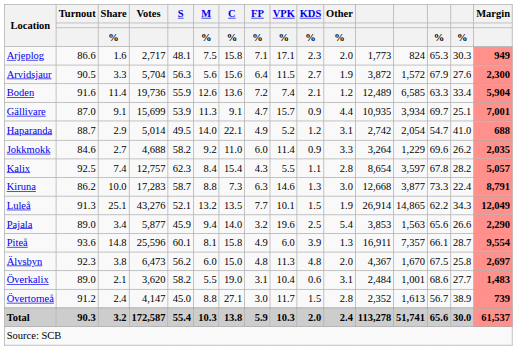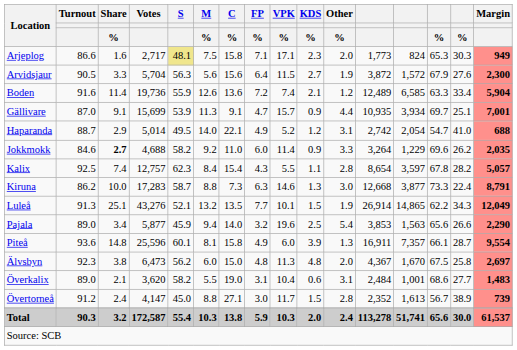 <table class="wikitable sortable" style="text-align:right; font-size:95%; line-height:20px;">
 <tr>
 <th rowspan="3">Location</th>
 <th>Turnout</th>
 <th>Share</th>
 <th>Votes</th>
 <th width="30px" class="unsortable"><a href='#'>S</a></th>
 <th width="30px" class="unsortable"><a href='#'>M</a></th>
 <th width="30px" class="unsortable"><a href='#'>C</a></th>
 <th width="30px" class="unsortable"><a href='#'>FP</a></th>
 <th width="30px" class="unsortable"><a href='#'>VPK</a></th>
 <th width="30px" class="unsortable"><a href='#'>KDS</a></th>
 <th width="30px" class="unsortable">Other</th>
 <th></th>
 <th></th>
 <th></th>
 <th></th>
 <th>Margin</th>
 </tr>
 <tr>
 <th></th>
 <th></th>
 <th></th>
 <th style="background:"></th>
 <th style="background:"></th>
 <th style="background:"></th>
 <th style="background:"></th>
 <th style="background:"></th>
 <th style="background:"></th>
 <th style="background:"></th>
 <th style="background:"></th>
 <th style="background:"></th>
 <th style="background:"></th>
 <th style="background:"></th>
 <th></th>
 </tr>
 <tr>
 <th></th>
 <th data-sort-type="number">%</th>
 <th data-sort-type="number"></th>
 <th></th>
 <th data-sort-type="number">%</th>
 <th data-sort-type="number">%</th>
 <th data-sort-type="number">%</th>
 <th data-sort-type="number">%</th>
 <th data-sort-type="number">%</th>
 <th data-sort-type="number">%</th>
 <th data-sort-type="number"></th>
 <th data-sort-type="number"></th>
 <th data-sort-type="number">%</th>
 <th data-sort-type="number">%</th>
 <th data-sort-type="number"></th>
 </tr>
 <tr>
 <td align=left><a href='#'>Arjeplog</a></td>
 <td>86.6</td>
 <td>1.6</td>
 <td>2,717</td>
-<td>48.1</td>
+<td style="background: khaki;">48.1</td>
 <td>7.5</td>
 <td>15.8</td>
 <td>7.1</td>
 <td>17.1</td>
 <td>2.3</td>
 <td>2.0</td>
 <td>1,773</td>
 <td>824</td>
 <td>65.3</td>
 <td>30.3</td>
 <td bgcolor=#ff908c><strong>949</strong></td>
 </tr>
 <tr>
 <td align=left><a href='#'>Arvidsjaur</a></td>
 <td>90.5</td>
 <td>3.3</td>
 <td>5,704</td>
 <td>56.3</td>
 <td>5.6</td>
 <td>15.6</td>
 <td>6.4</td>
 <td>11.5</td>
 <td>2.7</td>
 <td>1.9</td>
 <td>3,872</td>
 <td>1,572</td>
 <td>67.9</td>
 <td>27.6</td>
 <td bgcolor=#ff908c><strong>2,300</strong></td>
 </tr>
 <tr>
 <td align=left><a href='#'>Boden</a></td>
 <td>91.6</td>
 <td>11.4</td>
 <td>19,736</td>
 <td>55.9</td>
 <td>12.6</td>
 <td>13.6</td>
 <td>7.2</td>
 <td>7.4</td>
 <td>2.1</td>
 <td>1.2</td>
 <td>12,489</td>
 <td>6,585</td>
 <td>63.3</td>
 <td>33.4</td>
 <td bgcolor=#ff908c><strong>5,904</strong></td>
 </tr>
 <tr>
 <td align=left><a href='#'>Gällivare</a></td>
 <td>87.0</td>
 <td>9.1</td>
 <td>15,699</td>
 <td>53.9</td>
 <td>11.3</td>
 <td>9.1</td>
 <td>4.7</td>
 <td>15.7</td>
 <td>0.9</td>
 <td>4.4</td>
 <td>10,935</td>
 <td>3,934</td>
 <td>69.7</td>
 <td>25.1</td>
 <td bgcolor=#ff908c><strong>7,001</strong></td>
 </tr>
 <tr>
 <td align=left><a href='#'>Haparanda</a></td>
 <td>88.7</td>
 <td>2.9</td>
 <td>5,014</td>
 <td>49.5</td>
 <td>14.0</td>
 <td>22.1</td>
 <td>4.9</td>
 <td>5.2</td>
 <td>1.2</td>
 <td>3.1</td>
 <td>2,742</td>
 <td>2,054</td>
 <td>54.7</td>
 <td>41.0</td>
 <td bgcolor=#ff908c><strong>688</strong></td>
 </tr>
 <tr>
 <td align=left><a href='#'>Jokkmokk</a></td>
 <td>84.6</td>
-<td>2.7</td>
+<td><strong>2.7</strong></td>
 <td>4,688</td>
 <td>58.2</td>
 <td>9.2</td>
 <td>11.0</td>
 <td>6.0</td>
 <td>11.4</td>
 <td>0.9</td>
 <td>3.3</td>
 <td>3,264</td>
 <td>1,229</td>
 <td>69.6</td>
 <td>26.2</td>
 <td bgcolor=#ff908c><strong>2,035</strong></td>
 </tr>
 <tr>
 <td align=left><a href='#'>Kalix</a></td>
 <td>92.5</td>
 <td>7.4</td>
 <td>12,757</td>
 <td>62.3</td>
 <td>8.4</td>
 <td>15.4</td>
 <td>4.3</td>
 <td>5.5</td>
 <td>1.1</td>
 <td>2.8</td>
 <td>8,654</td>
 <td>3,597</td>
 <td>67.8</td>
 <td>28.2</td>
 <td bgcolor=#ff908c><strong>5,057</strong></td>
 </tr>
 <tr>
 <td align=left><a href='#'>Kiruna</a></td>
 <td>86.2</td>
 <td>10.0</td>
 <td>17,283</td>
 <td>58.7</td>
 <td>8.8</td>
 <td>7.3</td>
 <td>6.3</td>
 <td>14.6</td>
 <td>1.3</td>
 <td>3.0</td>
 <td>12,668</td>
 <td>3,877</td>
 <td>73.3</td>
 <td>22.4</td>
 <td bgcolor=#ff908c><strong>8,791</strong></td>
 </tr>
 <tr>
 <td align=left><a href='#'>Luleå</a></td>
 <td>91.3</td>
 <td>25.1</td>
 <td>43,276</td>
 <td>52.1</td>
 <td>13.2</td>
 <td>13.5</td>
 <td>7.7</td>
 <td>10.1</td>
 <td>1.5</td>
 <td>1.9</td>
 <td>26,914</td>
 <td>14,865</td>
 <td>62.2</td>
 <td>34.3</td>
 <td bgcolor=#ff908c><strong>12,049</strong></td>
 </tr>
 <tr>
 <td align=left><a href='#'>Pajala</a></td>
 <td>89.0</td>
 <td>3.4</td>
 <td>5,877</td>
 <td>45.9</td>
 <td>9.4</td>
 <td>14.0</td>
 <td>3.2</td>
 <td>19.6</td>
 <td>2.5</td>
 <td>5.4</td>
 <td>3,853</td>
 <td>1,563</td>
 <td>65.6</td>
 <td>26.6</td>
 <td bgcolor=#ff908c><strong>2,290</strong></td>
 </tr>
 <tr>
 <td align=left><a href='#'>Piteå</a></td>
 <td>93.6</td>
 <td>14.8</td>
 <td>25,596</td>
 <td>60.1</td>
 <td>8.1</td>
 <td>15.8</td>
 <td>4.9</td>
 <td>6.0</td>
 <td>3.9</td>
 <td>1.3</td>
 <td>16,911</td>
 <td>7,357</td>
 <td>66.1</td>
 <td>28.7</td>
 <td bgcolor=#ff908c><strong>9,554</strong></td>
 </tr>
 <tr>
 <td align=left><a href='#'>Älvsbyn</a></td>
 <td>92.3</td>
 <td>3.8</td>
 <td>6,473</td>
 <td>56.2</td>
 <td>6.0</td>
 <td>15.0</td>
 <td>4.8</td>
 <td>11.3</td>
 <td>4.8</td>
 <td>2.0</td>
 <td>4,367</td>
 <td>1,670</td>
 <td>67.5</td>
 <td>25.8</td>
 <td bgcolor=#ff908c><strong>2,697</strong></td>
 </tr>
 <tr>
 <td align=left><a href='#'>Överkalix</a></td>
 <td>89.0</td>
 <td>2.1</td>
 <td>3,620</td>
 <td>58.2</td>
 <td>5.5</td>
 <td>19.0</td>
 <td>3.1</td>
 <td>10.4</td>
 <td>0.6</td>
 <td>3.1</td>
 <td>2,484</td>
 <td>1,001</td>
 <td>68.6</td>
 <td>27.7</td>
 <td bgcolor=#ff908c><strong>1,483</strong></td>
 </tr>
 <tr>
 <td align=left><a href='#'>Övertorneå</a></td>
 <td>91.2</td>
 <td>2.4</td>
 <td>4,147</td>
 <td>45.0</td>
 <td>8.8</td>
 <td>27.1</td>
 <td>3.0</td>
 <td>11.7</td>
 <td>1.5</td>
 <td>2.8</td>
 <td>2,352</td>
 <td>1,613</td>
 <td>56.7</td>
 <td>38.9</td>
 <td bgcolor=#ff908c><strong>739</strong></td>
 </tr>
 <tr>
 </tr>
 <tr style="background:#CDCDCD;">
 <td align=left><strong>Total</strong></td>
 <td><strong>90.3</strong></td>
 <td><strong>3.2</strong></td>
 <td><strong>172,587</strong></td>
 <td><strong>55.4</strong></td>
 <td><strong>10.3</strong></td>
 <td><strong>13.8</strong></td>
 <td><strong>5.9</strong></td>
 <td><strong>10.3</strong></td>
 <td><strong>2.0</strong></td>
 <td><strong>2.4</strong></td>
 <td><strong>113,278</strong></td>
 <td><strong>51,741</strong></td>
 <td><strong>65.6</strong></td>
 <td><strong>30.0</strong></td>
 <td bgcolor=#ff908c><strong>61,537</strong></td>
 </tr>
 <tr>
 <td align=left colspan=16>Source: SCB </td>
 </tr>
 </table>
